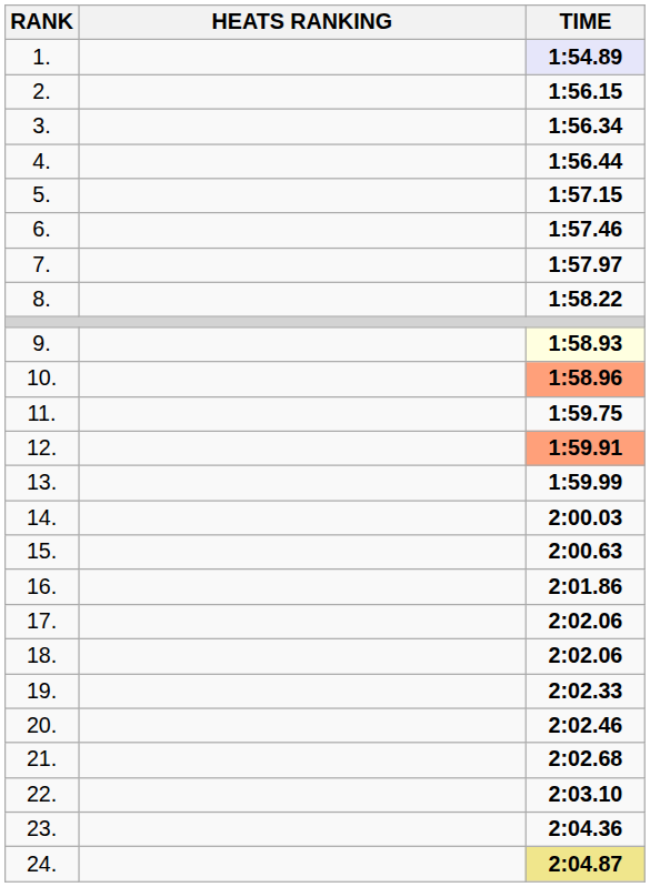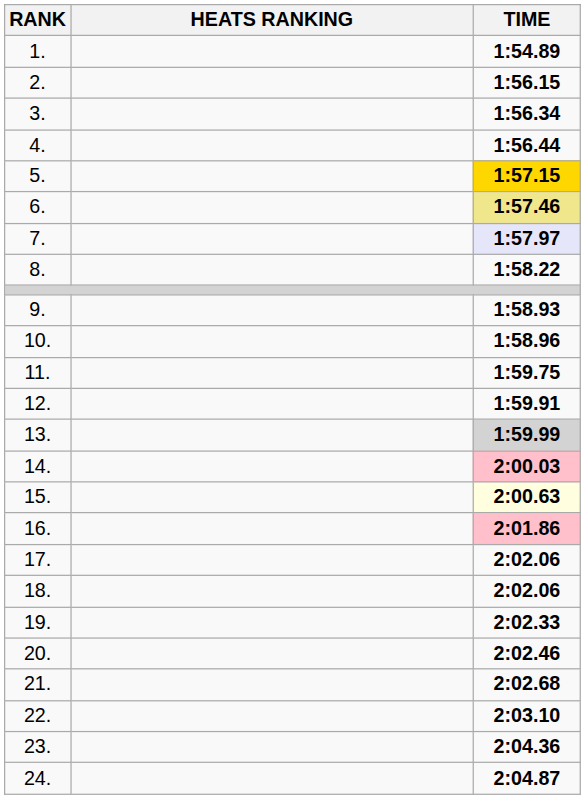 <table class="wikitable">
 <tr>
 <th>RANK</th>
 <th style="width: 20em">HEATS RANKING</th>
 <th style="width: 5em">TIME</th>
 </tr>
 <tr>
 <td align="center">1.</td>
 <td></td>
-<td align="center" style="background: lavender;"><strong>1:54.89</strong></td>
+<td align="center"><strong>1:54.89</strong></td>
 </tr>
 <tr>
 <td align="center">2.</td>
 <td></td>
 <td align="center"><strong>1:56.15</strong></td>
 </tr>
 <tr>
 <td align="center">3.</td>
 <td></td>
 <td align="center"><strong>1:56.34</strong></td>
 </tr>
 <tr>
 <td align="center">4.</td>
 <td></td>
 <td align="center"><strong>1:56.44</strong></td>
 </tr>
 <tr>
 <td align="center">5.</td>
 <td></td>
-<td align="center"><strong>1:57.15</strong></td>
+<td align="center" style="background: gold;"><strong>1:57.15</strong></td>
 </tr>
 <tr>
 <td align="center">6.</td>
 <td></td>
-<td align="center"><strong>1:57.46</strong></td>
+<td align="center" style="background: khaki;"><strong>1:57.46</strong></td>
 </tr>
 <tr>
 <td align="center">7.</td>
 <td></td>
-<td align="center"><strong>1:57.97</strong></td>
+<td align="center" style="background: lavender;"><strong>1:57.97</strong></td>
 </tr>
 <tr>
 <td align="center">8.</td>
 <td></td>
 <td align="center"><strong>1:58.22</strong></td>
 </tr>
 <tr>
 <td colspan=3 bgcolor=lightgray></td>
 </tr>
 <tr>
 <td align="center">9.</td>
 <td></td>
-<td align="center" style="background: lightyellow;"><strong>1:58.93 </strong></td>
+<td align="center"><strong>1:58.93 </strong></td>
 </tr>
 <tr>
 <td align="center">10.</td>
 <td></td>
-<td align="center" style="background: lightsalmon;"><strong>1:58.96 </strong></td>
+<td align="center"><strong>1:58.96 </strong></td>
 </tr>
 <tr>
 <td align="center">11.</td>
 <td></td>
 <td align="center"><strong>1:59.75 </strong></td>
 </tr>
 <tr>
 <td align="center">12.</td>
 <td></td>
-<td align="center" style="background: lightsalmon;"><strong>1:59.91 </strong></td>
+<td align="center"><strong>1:59.91 </strong></td>
 </tr>
 <tr>
 <td align="center">13.</td>
 <td></td>
-<td align="center"><strong>1:59.99 </strong></td>
+<td align="center" style="background: lightgrey;"><strong>1:59.99 </strong></td>
 </tr>
 <tr>
 <td align="center">14.</td>
 <td></td>
-<td align="center"><strong>2:00.03 </strong></td>
+<td align="center" style="background: pink;"><strong>2:00.03 </strong></td>
 </tr>
 <tr>
 <td align="center">15.</td>
 <td></td>
-<td align="center"><strong>2:00.63 </strong></td>
+<td align="center" style="background: lightyellow;"><strong>2:00.63 </strong></td>
 </tr>
 <tr>
 <td align="center">16.</td>
 <td></td>
-<td align="center"><strong>2:01.86 </strong></td>
+<td align="center" style="background: pink;"><strong>2:01.86 </strong></td>
 </tr>
 <tr>
 <td align="center">17.</td>
 <td></td>
 <td align="center"><strong>2:02.06 </strong></td>
 </tr>
 <tr>
 <td align="center">18.</td>
 <td></td>
 <td align="center"><strong>2:02.06 </strong></td>
 </tr>
 <tr>
 <td align="center">19.</td>
 <td></td>
 <td align="center"><strong>2:02.33 </strong></td>
 </tr>
 <tr>
 <td align="center">20.</td>
 <td></td>
 <td align="center"><strong>2:02.46 </strong></td>
 </tr>
 <tr>
 <td align="center">21.</td>
 <td></td>
 <td align="center"><strong>2:02.68 </strong></td>
 </tr>
 <tr>
 <td align="center">22.</td>
 <td></td>
 <td align="center"><strong>2:03.10 </strong></td>
 </tr>
 <tr>
 <td align="center">23.</td>
 <td></td>
 <td align="center"><strong>2:04.36 </strong></td>
 </tr>
 <tr>
 <td align="center">24.</td>
 <td></td>
-<td align="center" style="background: khaki;"><strong>2:04.87</strong></td>
+<td align="center"><strong>2:04.87</strong></td>
 </tr>
 </table>
